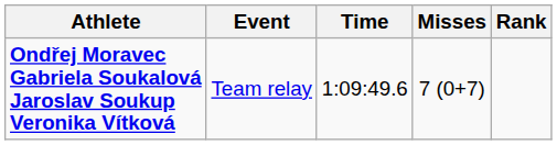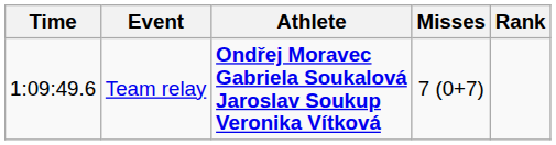 <table class="wikitable" style="font-size:90%">
 <tr>
+<th>Time</th>
+<th>Event</th>
 <th>Athlete</th>
-<th>Event</th>
-<th>Time</th>
 <th>Misses</th>
 <th>Rank</th>
 </tr>
 <tr align=center>
+<td>1:09:49.6</td>
+<td align=left><a href='#'>Team relay</a></td>
 <td align=left><strong><a href='#'>Ondřej Moravec</a><br><a href='#'>Gabriela Soukalová</a><br><a href='#'>Jaroslav Soukup</a><br><a href='#'>Veronika Vítková</a></strong></td>
-<td align=left><a href='#'>Team relay</a></td>
-<td>1:09:49.6</td>
 <td>7 (0+7)</td>
 <td></td>
 </tr>
 </table>
